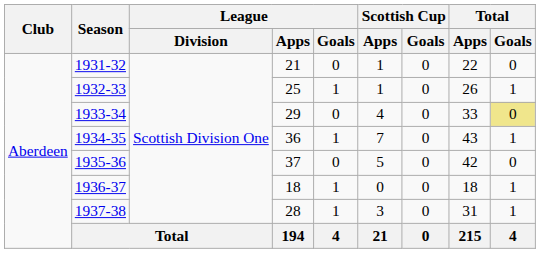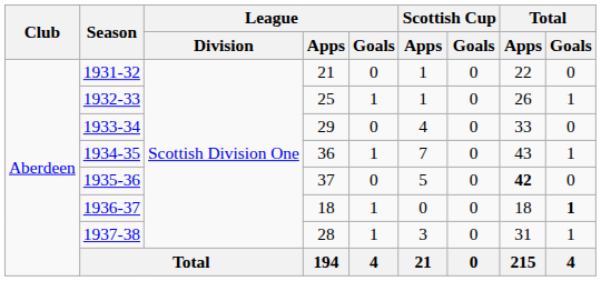 <table class="wikitable" style="text-align:center">
 <tr>
 <th rowspan="2">Club</th>
 <th rowspan="2">Season</th>
 <th colspan="3">League</th>
 <th colspan="2">Scottish Cup</th>
 <th colspan="2">Total</th>
 </tr>
 <tr>
 <th>Division</th>
 <th>Apps</th>
 <th>Goals</th>
 <th>Apps</th>
 <th>Goals</th>
 <th>Apps</th>
 <th>Goals</th>
 </tr>
 <tr>
 <td rowspan="8"><a href='#'>Aberdeen</a></td>
 <td><a href='#'>1931-32</a></td>
 <td rowspan="7"><a href='#'>Scottish Division One</a></td>
 <td>21</td>
 <td>0</td>
 <td>1</td>
 <td>0</td>
 <td>22</td>
 <td>0</td>
 </tr>
 <tr>
 <td><a href='#'>1932-33</a></td>
 <td>25</td>
 <td>1</td>
 <td>1</td>
 <td>0</td>
 <td>26</td>
 <td>1</td>
 </tr>
 <tr>
 <td><a href='#'>1933-34</a></td>
 <td>29</td>
 <td>0</td>
 <td>4</td>
 <td>0</td>
 <td>33</td>
-<td style="background: khaki;">0</td>
+<td>0</td>
 </tr>
 <tr>
 <td><a href='#'>1934-35</a></td>
 <td>36</td>
 <td>1</td>
 <td>7</td>
 <td>0</td>
 <td>43</td>
 <td>1</td>
 </tr>
 <tr>
 <td><a href='#'>1935-36</a></td>
 <td>37</td>
 <td>0</td>
 <td>5</td>
 <td>0</td>
-<td>42</td>
+<td><strong>42</strong></td>
 <td>0</td>
 </tr>
 <tr>
 <td><a href='#'>1936-37</a></td>
 <td>18</td>
 <td>1</td>
 <td>0</td>
 <td>0</td>
 <td>18</td>
-<td>1</td>
+<td><strong>1</strong></td>
 </tr>
 <tr>
 <td><a href='#'>1937-38</a></td>
 <td>28</td>
 <td>1</td>
 <td>3</td>
 <td>0</td>
 <td>31</td>
 <td>1</td>
 </tr>
 <tr>
 <th colspan="2">Total</th>
 <th>194</th>
 <th>4</th>
 <th>21</th>
 <th>0</th>
 <th>215</th>
 <th>4</th>
 </tr>
 </table>
